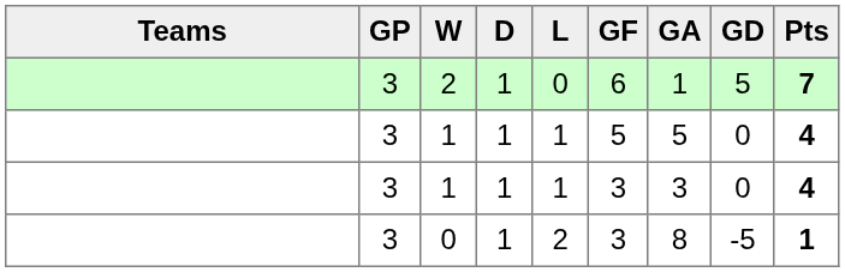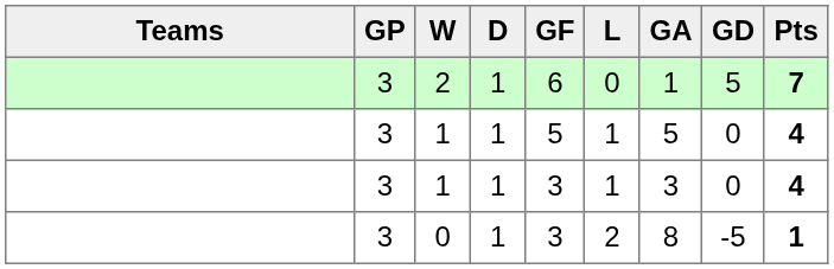 <table style=border-collapse:collapse border=1 cellspacing=0 cellpadding=5>
 <tr align=center bgcolor=#efefef>
 <th width=185>Teams</th>
 <th width=20>GP</th>
 <th width=20>W</th>
 <th width=20>D</th>
+<th width=20>GF</th>
 <th width=20>L</th>
-<th width=20>GF</th>
 <th width=20>GA</th>
 <th width=20>GD</th>
 <th width=20>Pts<br></th>
 </tr>
 <tr align=center style="background:#ccffcc;">
 <td style="text-align:left;"></td>
 <td>3</td>
 <td>2</td>
 <td>1</td>
+<td>6</td>
 <td>0</td>
-<td>6</td>
 <td>1</td>
 <td>5</td>
 <td><strong>7</strong></td>
 </tr>
 <tr align=center>
 <td style="text-align:left;"></td>
 <td>3</td>
 <td>1</td>
 <td>1</td>
+<td>5</td>
 <td>1</td>
-<td>5</td>
 <td>5</td>
 <td>0</td>
 <td><strong>4</strong></td>
 </tr>
 <tr align=center>
 <td style="text-align:left;"></td>
 <td>3</td>
 <td>1</td>
 <td>1</td>
+<td>3</td>
 <td>1</td>
-<td>3</td>
 <td>3</td>
 <td>0</td>
 <td><strong>4</strong></td>
 </tr>
 <tr align=center>
 <td style="text-align:left;"></td>
 <td>3</td>
 <td>0</td>
 <td>1</td>
+<td>3</td>
 <td>2</td>
-<td>3</td>
 <td>8</td>
 <td>-5</td>
 <td><strong>1</strong></td>
 </tr>
 </table>
